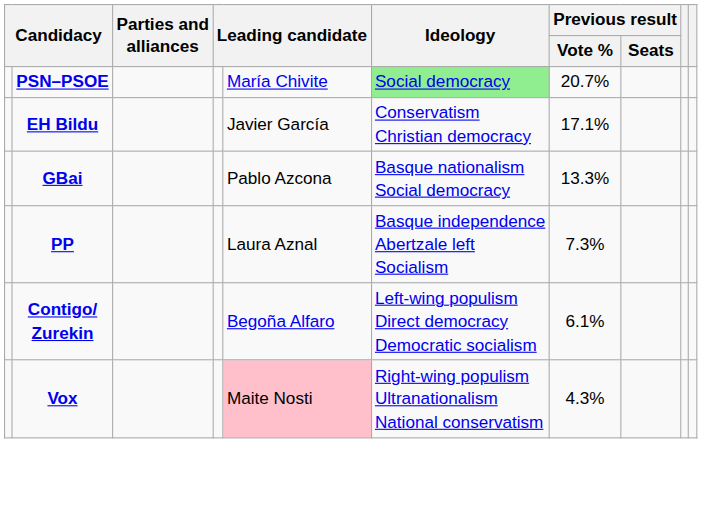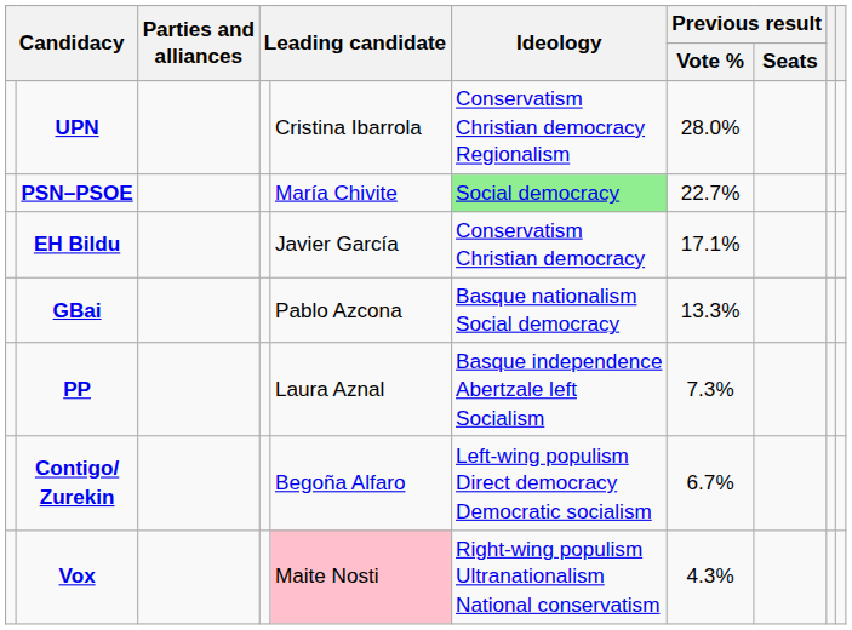 <table class="wikitable" style="line-height:1.35em; text-align:left;">
 <tr>
 <th colspan="2" rowspan="2">Candidacy</th>
 <th rowspan="2">Parties and<br>alliances</th>
 <th colspan="2" rowspan="2">Leading candidate</th>
 <th rowspan="2">Ideology</th>
 <th colspan="2">Previous result</th>
 <th rowspan="2"></th>
 <th rowspan="2"></th>
 </tr>
 <tr>
 <th>Vote %</th>
 <th>Seats</th>
 </tr>
 <tr>
+<td width="1" style="color:inherit;background:"></td>
+<td align="center"><strong><a href='#'>UPN</a></strong></td>
+<td></td>
+<td></td>
+<td>Cristina Ibarrola</td>
+<td><a href='#'>Conservatism</a><br><a href='#'>Christian democracy</a><br><a href='#'>Regionalism</a></td>
+<td align="center">28.0%</td>
+<td></td>
+<td></td>
+<td></td>
+</tr>
+<tr>
 <td style="color:inherit;background:"></td>
 <td align="center"><strong><a href='#'>PSN–PSOE</a></strong></td>
 <td></td>
 <td></td>
 <td><a href='#'>María Chivite</a></td>
 <td style="background: lightgreen;"><a href='#'>Social democracy</a></td>
-<td align="center">20.7%</td>
+<td align="center">22.7%</td>
 <td></td>
 <td></td>
 <td></td>
 </tr>
 <tr>
 <td style="color:inherit;background:"></td>
 <td align="center"><strong><a href='#'>EH Bildu</a></strong></td>
 <td></td>
 <td></td>
 <td>Javier García</td>
 <td><a href='#'>Conservatism</a><br><a href='#'>Christian democracy</a></td>
 <td align="center">17.1%</td>
 <td></td>
 <td></td>
 <td></td>
 </tr>
 <tr>
 <td style="color:inherit;background:"></td>
 <td align="center"><strong><a href='#'>GBai</a></strong></td>
 <td></td>
 <td></td>
 <td>Pablo Azcona</td>
 <td><a href='#'>Basque nationalism</a><br><a href='#'>Social democracy</a></td>
 <td align="center">13.3%</td>
 <td></td>
 <td></td>
 <td></td>
 </tr>
 <tr>
 <td style="color:inherit;background:"></td>
 <td align="center"><strong><a href='#'>PP</a></strong></td>
 <td></td>
 <td></td>
 <td>Laura Aznal</td>
 <td><a href='#'>Basque independence</a><br><a href='#'>Abertzale left</a><br><a href='#'>Socialism</a></td>
 <td align="center">7.3%</td>
 <td></td>
 <td></td>
 <td></td>
 </tr>
 <tr>
 <td style="color:inherit;background:"></td>
 <td align="center"><strong><a href='#'>Contigo/<br>Zurekin</a></strong></td>
 <td></td>
 <td></td>
 <td><a href='#'>Begoña Alfaro</a></td>
 <td><a href='#'>Left-wing populism</a><br><a href='#'>Direct democracy</a><br><a href='#'>Democratic socialism</a></td>
-<td align="center">6.1%</td>
+<td align="center">6.7%</td>
 <td></td>
 <td></td>
 <td></td>
 </tr>
 <tr>
 <td style="color:inherit;background:"></td>
 <td align="center"><strong><a href='#'>Vox</a></strong></td>
 <td></td>
 <td></td>
 <td style="background: pink;">Maite Nosti</td>
 <td><a href='#'>Right-wing populism</a><br><a href='#'>Ultranationalism</a><br><a href='#'>National conservatism</a></td>
 <td align="center">4.3%</td>
 <td></td>
 <td></td>
 <td></td>
 </tr>
 </table>
